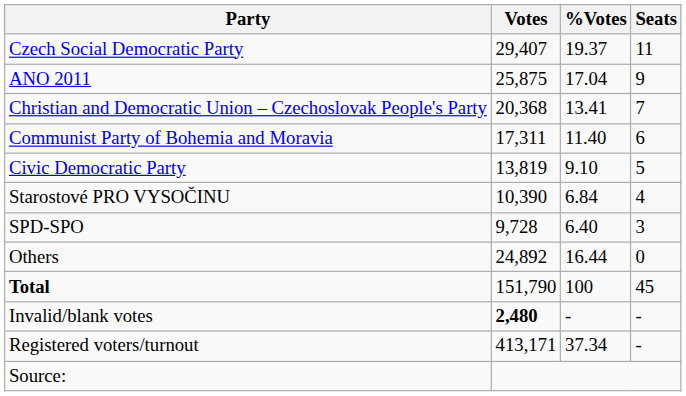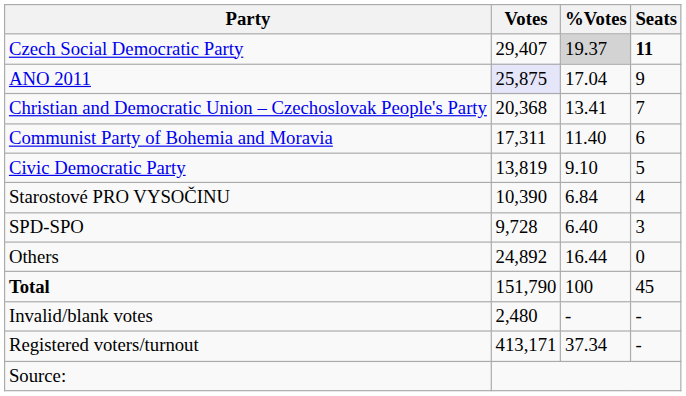 <table class="wikitable">
 <tr>
 <th>Party</th>
 <th>Votes</th>
 <th>%Votes</th>
 <th>Seats</th>
 </tr>
 <tr>
 <td><a href='#'>Czech Social Democratic Party</a></td>
 <td>29,407</td>
-<td>19.37</td>
-<td>11</td>
+<td style="background: lightgrey;">19.37</td>
+<td><strong>11</strong></td>
 </tr>
 <tr>
 <td><a href='#'>ANO 2011</a></td>
-<td>25,875</td>
+<td style="background: lavender;">25,875</td>
 <td>17.04</td>
 <td>9</td>
 </tr>
 <tr>
 <td><a href='#'>Christian and Democratic Union&nbsp;– Czechoslovak People's Party</a></td>
 <td>20,368</td>
 <td>13.41</td>
 <td>7</td>
 </tr>
 <tr>
 <td><a href='#'>Communist Party of Bohemia and Moravia</a></td>
 <td>17,311</td>
 <td>11.40</td>
 <td>6</td>
 </tr>
 <tr>
 <td><a href='#'>Civic Democratic Party</a></td>
 <td>13,819</td>
 <td>9.10</td>
 <td>5</td>
 </tr>
 <tr>
 <td>Starostové PRO VYSOČINU</td>
 <td>10,390</td>
 <td>6.84</td>
 <td>4</td>
 </tr>
 <tr>
 <td>SPD-SPO</td>
 <td>9,728</td>
 <td>6.40</td>
 <td>3</td>
 </tr>
 <tr>
 <td>Others</td>
 <td>24,892</td>
 <td>16.44</td>
 <td>0</td>
 </tr>
 <tr>
 <td><strong>Total</strong></td>
 <td>151,790</td>
 <td>100</td>
 <td>45</td>
 </tr>
 <tr>
 <td>Invalid/blank votes</td>
-<td><strong>2,480</strong></td>
+<td>2,480</td>
 <td>-</td>
 <td>-</td>
 </tr>
 <tr>
 <td>Registered voters/turnout</td>
 <td>413,171</td>
 <td>37.34</td>
 <td>-</td>
 </tr>
 <tr>
 <td>Source: </td>
 </tr>
 </table>
